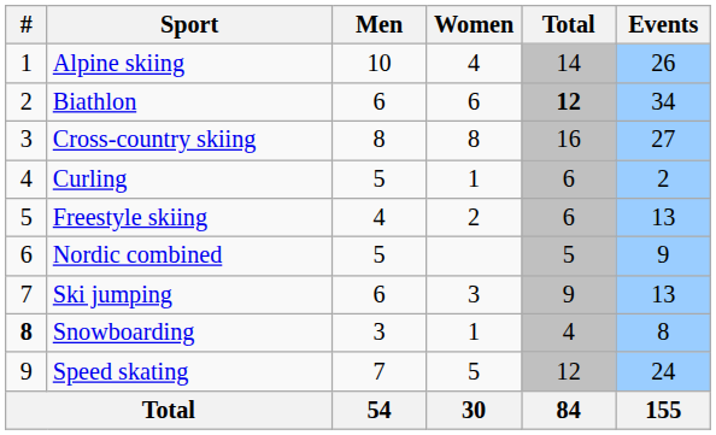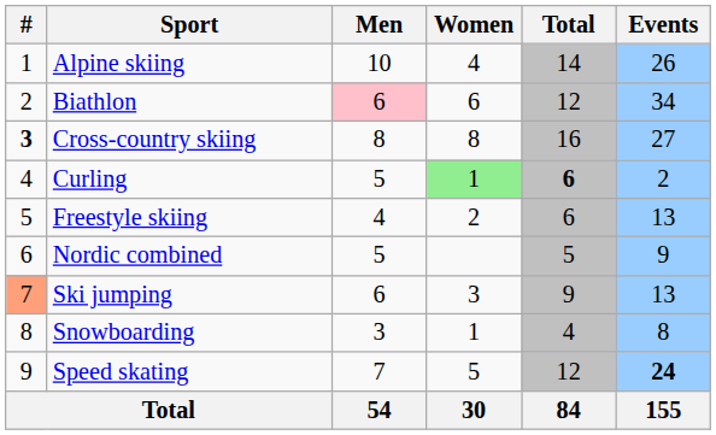 <table class="wikitable sortable" style="text-align:center">
 <tr>
 <th width=20>#</th>
 <th width=180>Sport</th>
 <th width=55>Men</th>
 <th width=55>Women</th>
 <th width=55>Total</th>
 <th width=55>Events</th>
 </tr>
 <tr>
 <td align=center>1</td>
 <td align=left><a href='#'>Alpine skiing</a></td>
 <td>10</td>
 <td>4</td>
 <td bgcolor=silver>14</td>
 <td bgcolor=#9acdff>26</td>
 </tr>
 <tr>
 <td align=center>2</td>
 <td align=left><a href='#'>Biathlon</a></td>
+<td style="background: pink;">6</td>
 <td>6</td>
-<td>6</td>
-<td bgcolor=silver><strong>12</strong></td>
+<td bgcolor=silver>12</td>
 <td bgcolor=#9acdff>34</td>
 </tr>
 <tr>
-<td align=center>3</td>
+<td align=center><strong>3</strong></td>
 <td align=left><a href='#'>Cross-country skiing</a></td>
 <td>8</td>
 <td>8</td>
 <td bgcolor=silver>16</td>
 <td bgcolor=#9acdff>27</td>
 </tr>
 <tr>
 <td align=center>4</td>
 <td align=left><a href='#'>Curling</a></td>
 <td>5</td>
-<td>1</td>
-<td bgcolor=silver>6</td>
+<td style="background: lightgreen;">1</td>
+<td bgcolor=silver><strong>6</strong></td>
 <td bgcolor=#9acdff>2</td>
 </tr>
 <tr>
 <td align=center>5</td>
 <td align=left><a href='#'>Freestyle skiing</a></td>
 <td>4</td>
 <td>2</td>
 <td bgcolor=silver>6</td>
 <td bgcolor=#9acdff>13</td>
 </tr>
 <tr>
 <td align=center>6</td>
 <td align=left><a href='#'>Nordic combined</a></td>
 <td>5</td>
 <td></td>
 <td bgcolor=silver>5</td>
 <td bgcolor=#9acdff>9</td>
 </tr>
 <tr>
-<td align=center>7</td>
+<td align=center style="background: lightsalmon;">7</td>
 <td align=left><a href='#'>Ski jumping</a></td>
 <td>6</td>
 <td>3</td>
 <td bgcolor=silver>9</td>
 <td bgcolor=#9acdff>13</td>
 </tr>
 <tr>
-<td align=center><strong>8</strong></td>
+<td align=center>8</td>
 <td align=left><a href='#'>Snowboarding</a></td>
 <td>3</td>
 <td>1</td>
 <td bgcolor=silver>4</td>
 <td bgcolor=#9acdff>8</td>
 </tr>
 <tr>
 <td align=center>9</td>
 <td align=left><a href='#'>Speed skating</a></td>
 <td>7</td>
 <td>5</td>
 <td bgcolor=silver>12</td>
-<td bgcolor=#9acdff>24</td>
+<td bgcolor=#9acdff><strong>24</strong></td>
 </tr>
 <tr>
 <th colspan=2>Total</th>
 <th>54</th>
 <th>30</th>
 <th>84</th>
 <th>155</th>
 </tr>
 </table>
